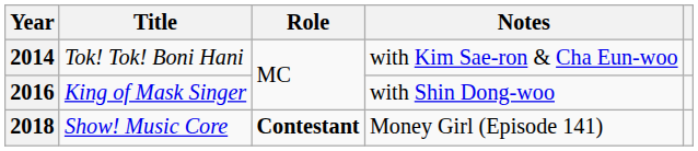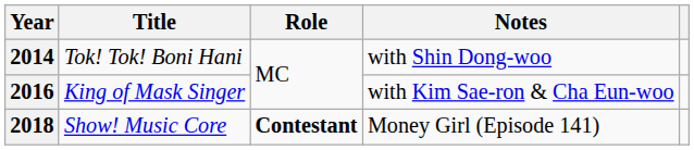 <table class="wikitable plainrowheaders sortable">
 <tr>
 <th scope="col">Year</th>
 <th scope="col">Title</th>
 <th scope="col">Role</th>
 <th scope="col">Notes</th>
 <th scope="col" class="unsortable"></th>
 </tr>
 <tr>
 <th scope="row">2014</th>
 <td><em>Tok! Tok! Boni Hani</em></td>
 <td rowspan="2">MC</td>
-<td>with <a href='#'>Kim Sae-ron</a> & <a href='#'>Cha Eun-woo</a></td>
+<td>with <a href='#'>Shin Dong-woo</a></td>
 <td style="text-align:center"></td>
 </tr>
 <tr>
 <th scope="row">2016</th>
 <td><em><a href='#'>King of Mask Singer</a></td>
-<td>with <a href='#'>Shin Dong-woo</a></td>
+<td>with <a href='#'>Kim Sae-ron</a> & <a href='#'>Cha Eun-woo</a></td>
 <td style="text-align:center"></td>
 </tr>
 <tr>
 <th scope="row">2018</th>
 <td><em><a href='#'>Show! Music Core</a></em></td>
 <td><strong>Contestant</strong></td>
 <td>Money Girl (Episode 141)</td>
 <td style="text-align:center"></td>
 </tr>
 </table>
